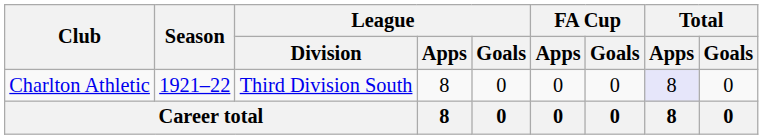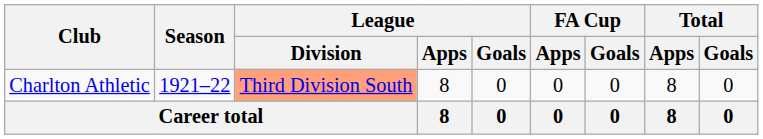 <table class="wikitable" style="text-align: center;">
 <tr>
 <th rowspan="2">Club</th>
 <th rowspan="2">Season</th>
 <th colspan="3">League</th>
 <th colspan="2">FA Cup</th>
 <th colspan="2">Total</th>
 </tr>
 <tr>
 <th>Division</th>
 <th>Apps</th>
 <th>Goals</th>
 <th>Apps</th>
 <th>Goals</th>
 <th>Apps</th>
 <th>Goals</th>
 </tr>
 <tr>
 <td><a href='#'>Charlton Athletic</a></td>
 <td><a href='#'>1921–22</a></td>
-<td><a href='#'>Third Division South</a></td>
+<td style="background: lightsalmon;"><a href='#'>Third Division South</a></td>
 <td>8</td>
 <td>0</td>
 <td>0</td>
 <td>0</td>
-<td style="background: lavender;">8</td>
+<td>8</td>
 <td>0</td>
 </tr>
 <tr>
 <th colspan="3">Career total</th>
 <th>8</th>
 <th>0</th>
 <th>0</th>
 <th>0</th>
 <th>8</th>
 <th>0</th>
 </tr>
 </table>
